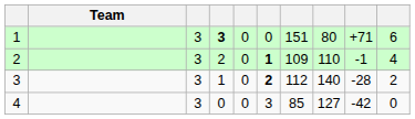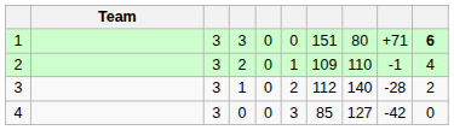 <table class=wikitable style=text-align:center>
 <tr>
 <th width=20 abbr=Position></th>
 <th width=175>Team</th>
 <th width=20 abbr=Played></th>
 <th width=20 abbr=Won></th>
 <th width=20 abbr=Drawn></th>
 <th width=20 abbr=Lost></th>
 <th width=30 abbr=Goal for></th>
 <th width=30 abbr=Goal against></th>
 <th width=30 abbr=Goal difference></th>
 <th width=30 abbr=Points></th>
 </tr>
 <tr bgcolor=#CCFFCC>
 <td>1</td>
 <td align=left></td>
 <td>3</td>
-<td><strong>3</strong></td>
+<td>3</td>
 <td>0</td>
 <td>0</td>
 <td>151</td>
 <td>80</td>
 <td>+71</td>
-<td>6</td>
+<td><strong>6</strong></td>
 </tr>
 <tr bgcolor=#CCFFCC>
 <td>2</td>
 <td align=left></td>
 <td>3</td>
 <td>2</td>
 <td>0</td>
-<td><strong>1</strong></td>
+<td>1</td>
 <td>109</td>
 <td>110</td>
 <td>-1</td>
 <td>4</td>
 </tr>
 <tr>
 <td>3</td>
 <td align=left></td>
 <td>3</td>
 <td>1</td>
 <td>0</td>
-<td><strong>2</strong></td>
+<td>2</td>
 <td>112</td>
 <td>140</td>
 <td>-28</td>
 <td>2</td>
 </tr>
 <tr>
 <td>4</td>
 <td align=left></td>
 <td>3</td>
 <td>0</td>
 <td>0</td>
 <td>3</td>
 <td>85</td>
 <td>127</td>
 <td>-42</td>
 <td>0</td>
 </tr>
 </table>
